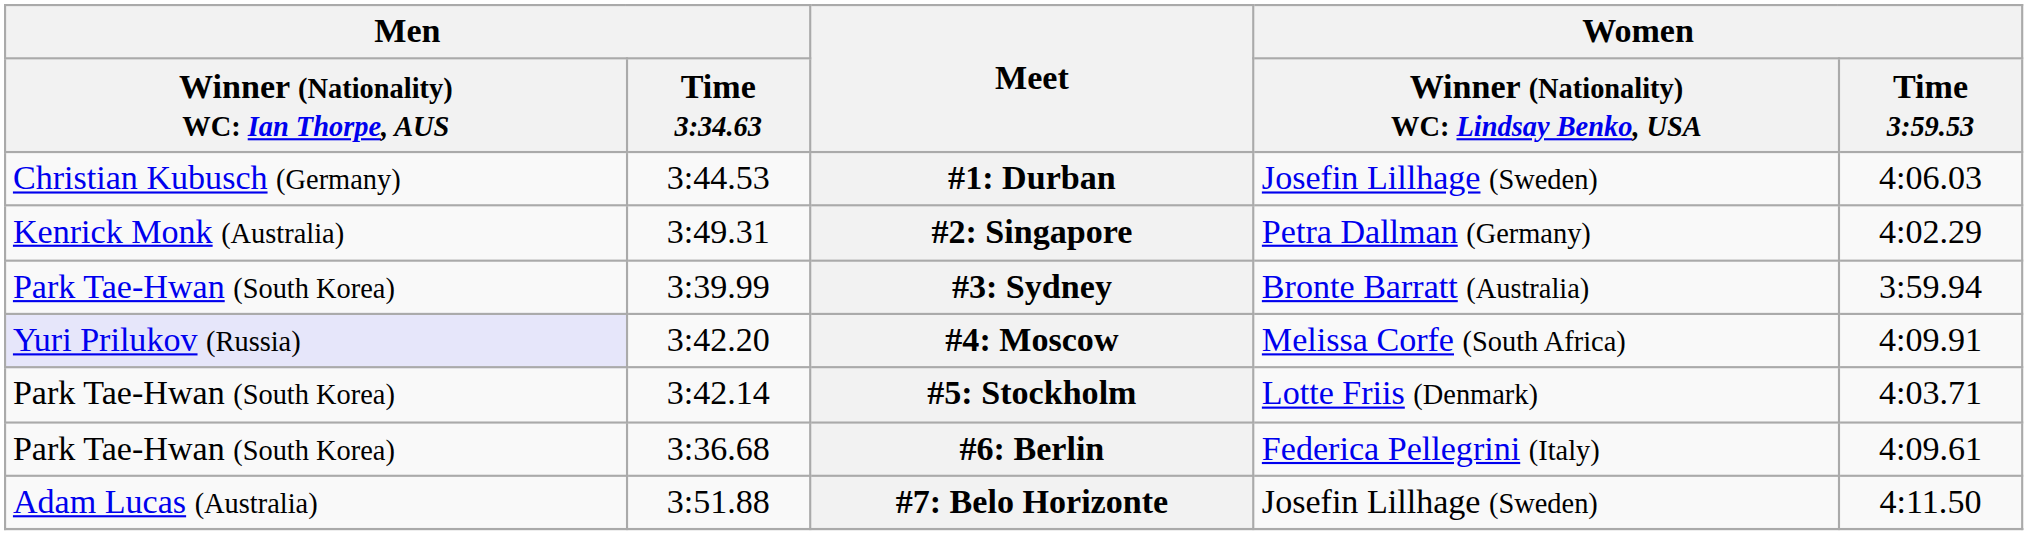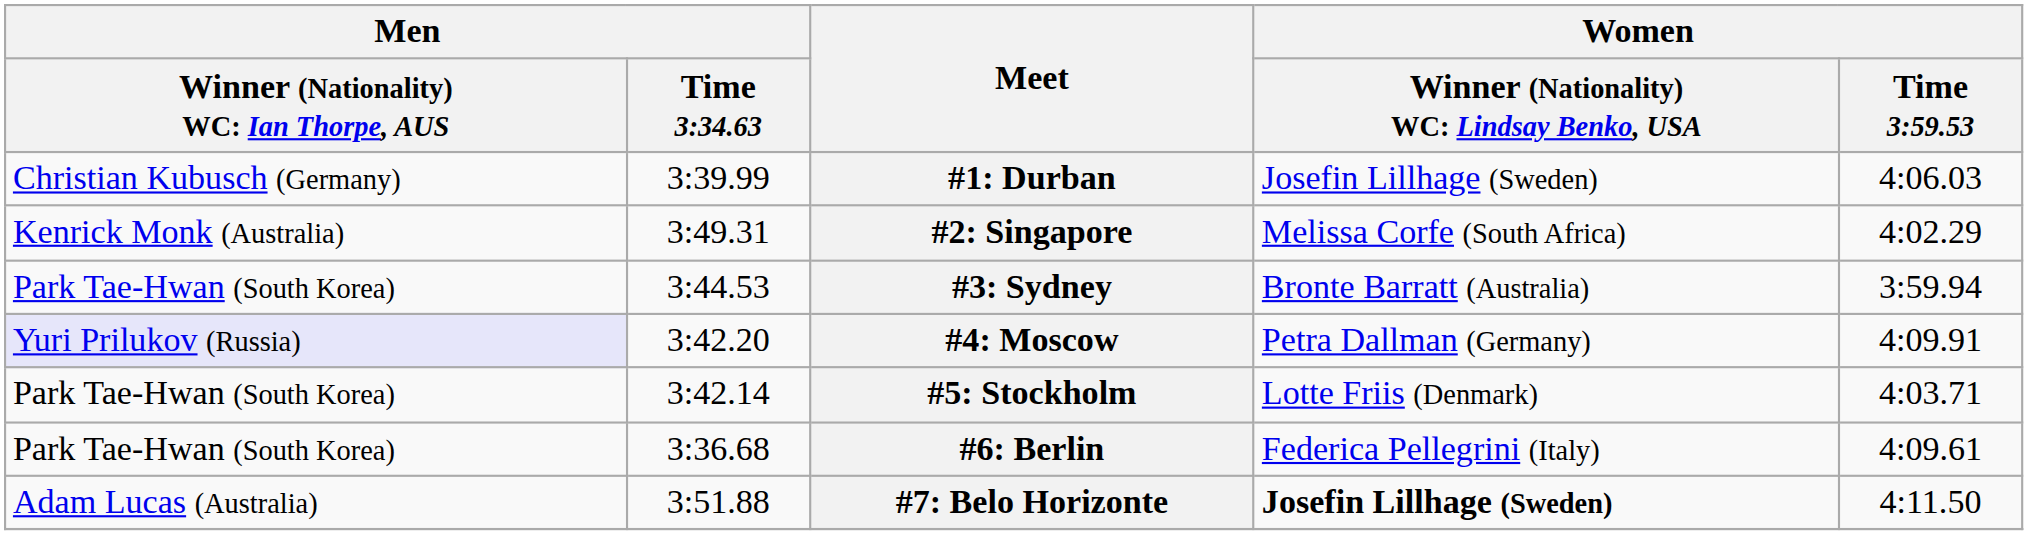 <table class=wikitable width="75%">
 <tr>
 <th colspan="2">Men</th>
 <th rowspan="2">Meet</th>
 <th colspan="2">Women</th>
 </tr>
 <tr>
 <th>Winner <small>(Nationality)<br> WC: <em><a href='#'>Ian Thorpe</a>, AUS</em></small></th>
 <th>Time <br><small> <em>3:34.63</em> </small></th>
 <th>Winner <small>(Nationality)<br>WC: <em><a href='#'>Lindsay Benko</a>, USA</em></small></th>
 <th>Time<br><small><em>3:59.53</em></small></th>
 </tr>
 <tr>
 <td> <a href='#'>Christian Kubusch</a> <small>(Germany)</small></td>
-<td align=center>3:44.53</td>
+<td align=center>3:39.99</td>
 <th align=center>#1: Durban</th>
 <td> <a href='#'>Josefin Lillhage</a> <small>(Sweden)</small></td>
 <td align=center>4:06.03</td>
 </tr>
 <tr>
 <td> <a href='#'>Kenrick Monk</a> <small>(Australia)</small></td>
 <td align=center>3:49.31</td>
 <th align=center>#2: Singapore</th>
-<td> <a href='#'>Petra Dallman</a> <small>(Germany)</small></td>
+<td> <a href='#'>Melissa Corfe</a> <small>(South Africa)</small></td>
 <td align=center>4:02.29</td>
 </tr>
 <tr>
 <td> <a href='#'>Park Tae-Hwan</a> <small>(South Korea)</small></td>
-<td align=center>3:39.99</td>
+<td align=center>3:44.53</td>
 <th align=center>#3: Sydney</th>
 <td> <a href='#'>Bronte Barratt</a> <small>(Australia)</small></td>
 <td align=center>3:59.94</td>
 </tr>
 <tr>
 <td style="background: lavender;"> <a href='#'>Yuri Prilukov</a> <small>(Russia)</small></td>
 <td align=center>3:42.20</td>
 <th align=center>#4: Moscow</th>
-<td> <a href='#'>Melissa Corfe</a> <small>(South Africa)</small></td>
+<td> <a href='#'>Petra Dallman</a> <small>(Germany)</small></td>
 <td align=center>4:09.91</td>
 </tr>
 <tr>
 <td> Park Tae-Hwan <small>(South Korea)</small></td>
 <td align=center>3:42.14</td>
 <th align=center>#5: Stockholm</th>
 <td> <a href='#'>Lotte Friis</a> <small>(Denmark)</small></td>
 <td align=center>4:03.71</td>
 </tr>
 <tr>
 <td> Park Tae-Hwan <small>(South Korea)</small></td>
 <td align=center>3:36.68</td>
 <th align=center>#6: Berlin</th>
 <td> <a href='#'>Federica Pellegrini</a> <small>(Italy)</small></td>
 <td align=center>4:09.61</td>
 </tr>
 <tr>
 <td> <a href='#'>Adam Lucas</a> <small>(Australia)</small></td>
 <td align=center>3:51.88</td>
 <th align=center>#7: Belo Horizonte</th>
-<td> Josefin Lillhage <small>(Sweden)</small></td>
+<td><strong> Josefin Lillhage <small>(Sweden)</small></strong></td>
 <td align=center>4:11.50</td>
 </tr>
 <tr>
 </tr>
 </table>
